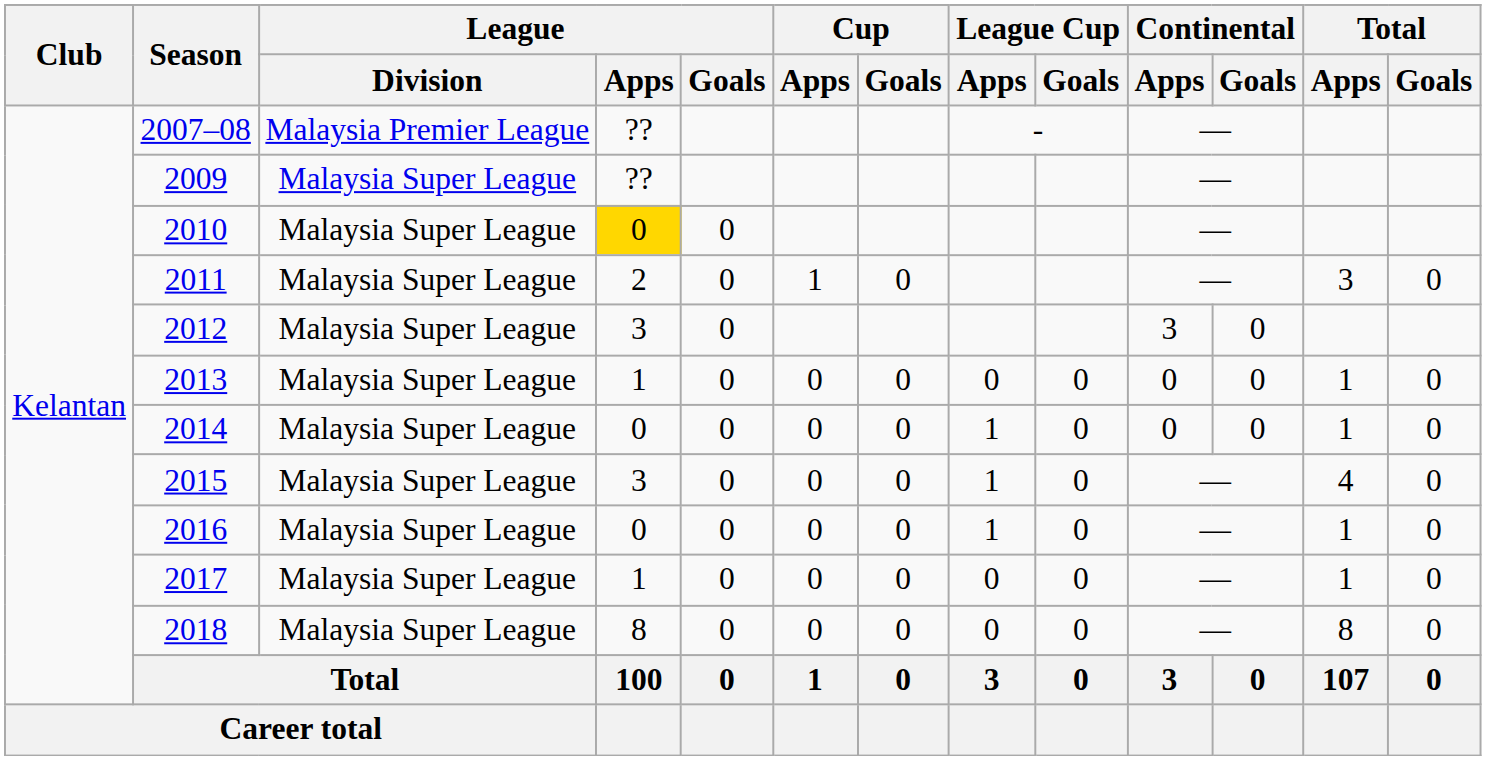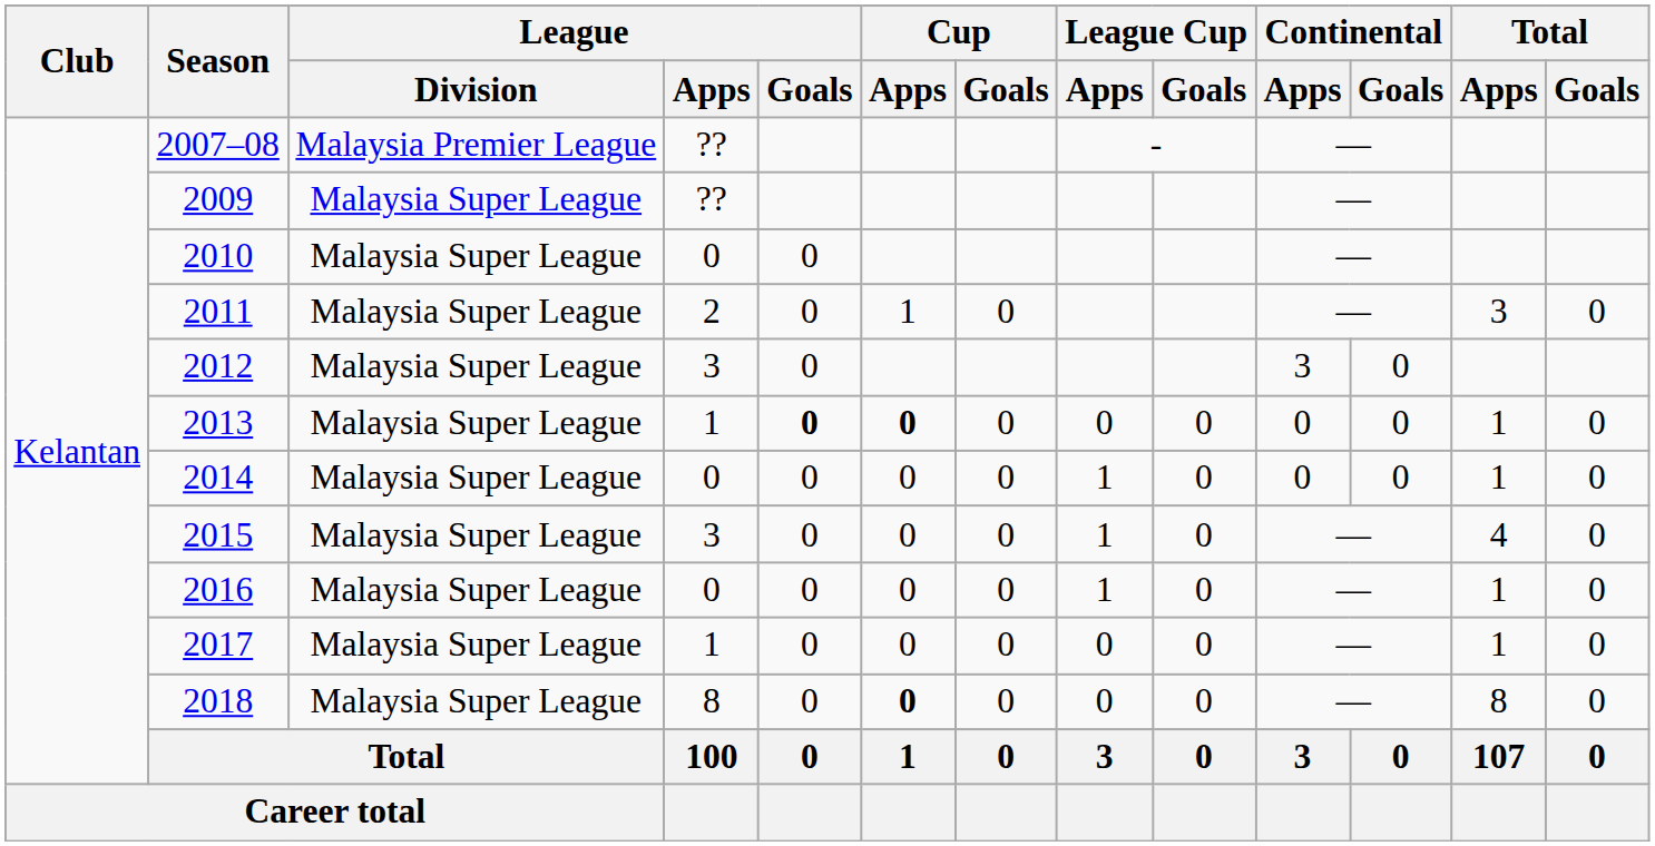 <table class="wikitable" style="text-align:center">
 <tr>
 <th rowspan="2">Club</th>
 <th rowspan="2">Season</th>
 <th colspan="3">League</th>
 <th colspan="2">Cup</th>
 <th colspan="2">League Cup</th>
 <th colspan="2">Continental</th>
 <th colspan="2">Total</th>
 </tr>
 <tr>
 <th>Division</th>
 <th>Apps</th>
 <th>Goals</th>
 <th>Apps</th>
 <th>Goals</th>
 <th>Apps</th>
 <th>Goals</th>
 <th>Apps</th>
 <th>Goals</th>
 <th>Apps</th>
 <th>Goals</th>
 </tr>
 <tr>
 <td rowspan=12><a href='#'>Kelantan</a></td>
 <td><a href='#'>2007–08</a></td>
 <td><a href='#'>Malaysia Premier League</a></td>
 <td>??</td>
 <td></td>
 <td></td>
 <td></td>
 <td colspan="2">-</td>
 <td colspan="2">—</td>
 <td></td>
 <td></td>
 </tr>
 <tr>
 <td><a href='#'>2009</a></td>
 <td><a href='#'>Malaysia Super League</a></td>
 <td>??</td>
 <td></td>
 <td></td>
 <td></td>
 <td></td>
 <td></td>
 <td colspan="2">—</td>
 <td></td>
 <td></td>
 </tr>
 <tr>
 <td><a href='#'>2010</a></td>
 <td>Malaysia Super League</td>
-<td style="background: gold;">0</td>
+<td>0</td>
 <td>0</td>
 <td></td>
 <td></td>
 <td></td>
 <td></td>
 <td colspan="2">—</td>
 <td></td>
 <td></td>
 </tr>
 <tr>
 <td><a href='#'>2011</a></td>
 <td>Malaysia Super League</td>
 <td>2</td>
 <td>0</td>
 <td>1</td>
 <td>0</td>
 <td></td>
 <td></td>
 <td colspan="2">—</td>
 <td>3</td>
 <td>0</td>
 </tr>
 <tr>
 <td><a href='#'>2012</a></td>
 <td>Malaysia Super League</td>
 <td>3</td>
 <td>0</td>
 <td></td>
 <td></td>
 <td></td>
 <td></td>
 <td>3</td>
 <td>0</td>
 <td></td>
 <td></td>
 </tr>
 <tr>
 <td><a href='#'>2013</a></td>
 <td>Malaysia Super League</td>
 <td>1</td>
-<td>0</td>
-<td>0</td>
+<td><strong>0</strong></td>
+<td><strong>0</strong></td>
 <td>0</td>
 <td>0</td>
 <td>0</td>
 <td>0</td>
 <td>0</td>
 <td>1</td>
 <td>0</td>
 </tr>
 <tr>
 <td><a href='#'>2014</a></td>
 <td>Malaysia Super League</td>
 <td>0</td>
 <td>0</td>
 <td>0</td>
 <td>0</td>
 <td>1</td>
 <td>0</td>
 <td>0</td>
 <td>0</td>
 <td>1</td>
 <td>0</td>
 </tr>
 <tr>
 <td><a href='#'>2015</a></td>
 <td>Malaysia Super League</td>
 <td>3</td>
 <td>0</td>
 <td>0</td>
 <td>0</td>
 <td>1</td>
 <td>0</td>
 <td colspan="2">—</td>
 <td>4</td>
 <td>0</td>
 </tr>
 <tr>
 <td><a href='#'>2016</a></td>
 <td>Malaysia Super League</td>
 <td>0</td>
 <td>0</td>
 <td>0</td>
 <td>0</td>
 <td>1</td>
 <td>0</td>
 <td colspan="2">—</td>
 <td>1</td>
 <td>0</td>
 </tr>
 <tr>
 <td><a href='#'>2017</a></td>
 <td>Malaysia Super League</td>
 <td>1</td>
 <td>0</td>
 <td>0</td>
 <td>0</td>
 <td>0</td>
 <td>0</td>
 <td colspan="2">—</td>
 <td>1</td>
 <td>0</td>
 </tr>
 <tr>
 <td><a href='#'>2018</a></td>
 <td>Malaysia Super League</td>
 <td>8</td>
 <td>0</td>
-<td>0</td>
+<td><strong>0</strong></td>
 <td>0</td>
 <td>0</td>
 <td>0</td>
 <td colspan="2">—</td>
 <td>8</td>
 <td>0</td>
 </tr>
 <tr>
 <th colspan=2>Total</th>
 <th>100</th>
 <th>0</th>
 <th>1</th>
 <th>0</th>
 <th>3</th>
 <th>0</th>
 <th>3</th>
 <th>0</th>
 <th>107</th>
 <th>0</th>
 </tr>
 <tr>
 <th colspan=3>Career total</th>
 <th></th>
 <th></th>
 <th></th>
 <th></th>
 <th></th>
 <th></th>
 <th></th>
 <th></th>
 <th></th>
 <th></th>
 </tr>
 </table>
